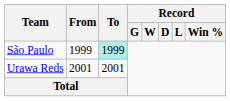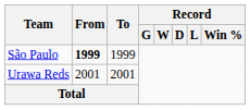 <table class="wikitable" style="text-align: center">
 <tr>
 <th rowspan="2">Team</th>
 <th rowspan="2">From</th>
 <th rowspan="2">To</th>
 <th colspan="5">Record</th>
 </tr>
 <tr>
 <th>G</th>
 <th>W</th>
 <th>D</th>
 <th>L</th>
 <th>Win %</th>
 </tr>
 <tr>
 <td align="left"><a href='#'>São Paulo</a></td>
-<td align="left">1999</td>
-<td align="left" style="background: paleturquoise;">1999<br></td>
+<td align="left"><strong>1999</strong></td>
+<td align="left">1999<br></td>
 </tr>
 <tr>
 <td align="left"><a href='#'>Urawa Reds</a></td>
 <td align="left">2001</td>
 <td align="left">2001<br></td>
 </tr>
 <tr>
 <th colspan="3">Total<br></th>
 </tr>
 </table>
